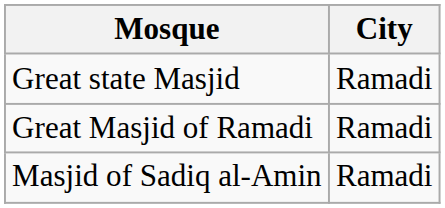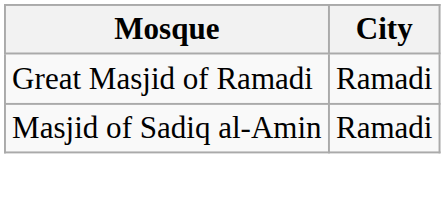 <table class="wikitable sortable">
 <tr>
 <th>Mosque</th>
 <th>City</th>
-</tr>
-<tr>
-<td>Great state Masjid</td>
-<td>Ramadi</td>
 </tr>
 <tr>
 <td>Great Masjid of Ramadi</td>
 <td>Ramadi</td>
 </tr>
 <tr>
 <td>Masjid of Sadiq al-Amin</td>
 <td>Ramadi</td>
 </tr>
 </table>
